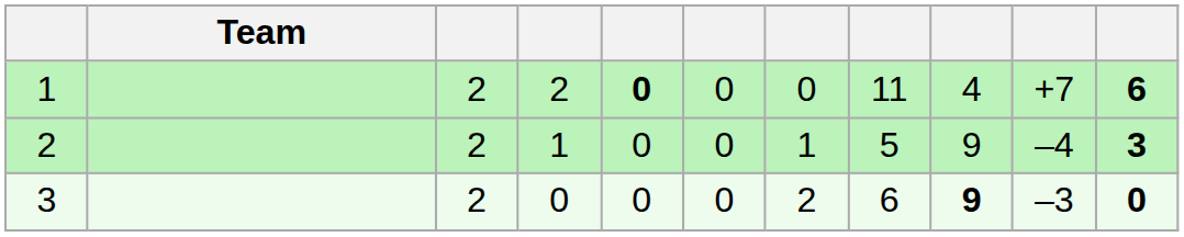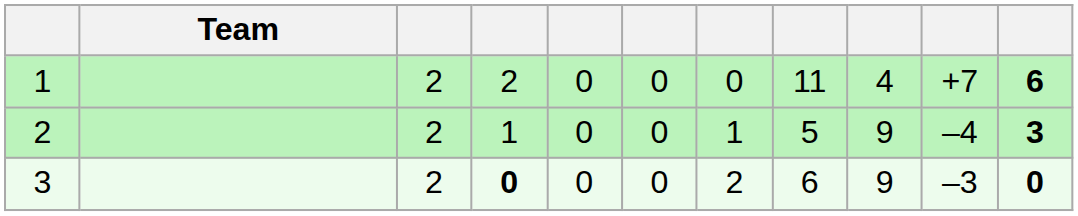 <table class="wikitable" style="text-align: center; font-size: 100%;">
 <tr>
 <th width="30"></th>
 <th width="150">Team</th>
 <th width="30"></th>
 <th width="30"></th>
 <th width="30"></th>
 <th width="30"></th>
 <th width="30"></th>
 <th width="30"></th>
 <th width="30"></th>
 <th width="30"></th>
 <th width="30"></th>
 </tr>
 <tr style="background-color: #bbf3bb">
 <td>1</td>
 <td align="left"></td>
 <td>2</td>
 <td>2</td>
-<td><strong>0</strong></td>
+<td>0</td>
 <td>0</td>
 <td>0</td>
 <td>11</td>
 <td>4</td>
 <td>+7</td>
 <td><strong>6</strong></td>
 </tr>
 <tr style="background-color: #bbf3bb">
 <td>2</td>
 <td align="left"></td>
 <td>2</td>
 <td>1</td>
 <td>0</td>
 <td>0</td>
 <td>1</td>
 <td>5</td>
 <td>9</td>
 <td>–4</td>
 <td><strong>3</strong></td>
 </tr>
 <tr style="background-color: #edfced">
 <td>3</td>
 <td align="left"></td>
 <td>2</td>
-<td>0</td>
+<td><strong>0</strong></td>
 <td>0</td>
 <td>0</td>
 <td>2</td>
 <td>6</td>
-<td><strong>9</strong></td>
+<td>9</td>
 <td>–3</td>
 <td><strong>0</strong></td>
 </tr>
 </table>
